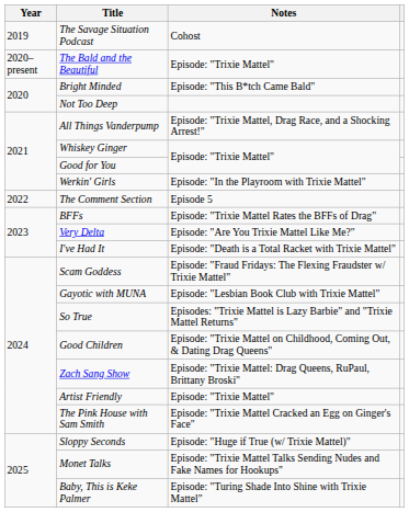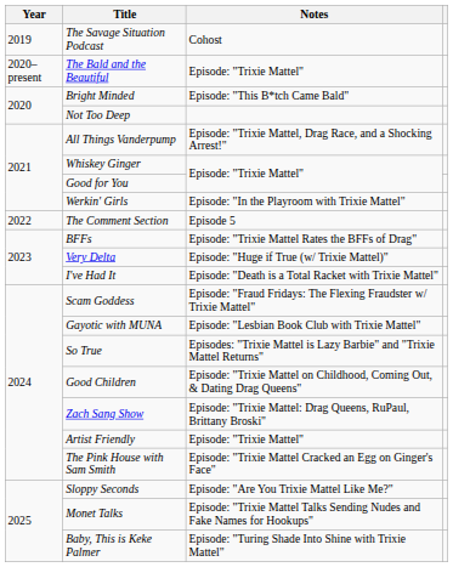 <table class="wikitable plainrowheaders" style="text-align:left;">
 <tr>
 <th>Year</th>
 <th>Title</th>
 <th>Notes</th>
 <th></th>
 </tr>
 <tr>
 <td>2019</td>
 <td><em>The Savage Situation Podcast</em></td>
 <td>Cohost</td>
 <td></td>
 </tr>
 <tr>
 <td>2020–present</td>
 <td><em><a href='#'>The Bald and the Beautiful</a></em></td>
 <td>Episode: "Trixie Mattel"</td>
 <td></td>
 </tr>
 <tr>
 <td rowspan="2">2020</td>
 <td><em>Bright Minded</em></td>
 <td>Episode: "This B*tch Came Bald"</td>
 <td></td>
 </tr>
 <tr>
 <td><em>Not Too Deep</em></td>
 <td></td>
 <td></td>
 </tr>
 <tr>
 <td rowspan="4">2021</td>
 <td><em>All Things Vanderpump</em></td>
 <td>Episode: "Trixie Mattel, Drag Race, and a Shocking Arrest!"</td>
 <td></td>
 </tr>
 <tr>
 <td><em>Whiskey Ginger</em></td>
 <td rowspan="2">Episode: "Trixie Mattel"</td>
 <td></td>
 </tr>
 <tr>
 <td><em>Good for You</em></td>
 <td></td>
 </tr>
 <tr>
 <td><em>Werkin' Girls</em></td>
 <td>Episode: "In the Playroom with Trixie Mattel"</td>
 <td></td>
 </tr>
 <tr>
 <td>2022</td>
 <td><em>The Comment Section</em></td>
 <td>Episode 5</td>
 <td></td>
 </tr>
 <tr>
 <td rowspan="3">2023</td>
 <td><em>BFFs</em></td>
 <td>Episode: "Trixie Mattel Rates the BFFs of Drag"</td>
 <td></td>
 </tr>
 <tr>
 <td><em><a href='#'>Very Delta</a></em></td>
-<td>Episode: "Are You Trixie Mattel Like Me?"</td>
+<td>Episode: "Huge if True (w/ Trixie Mattel)"</td>
 <td></td>
 </tr>
 <tr>
 <td><em>I've Had It</em></td>
 <td>Episode: "Death is a Total Racket with Trixie Mattel"</td>
 <td></td>
 </tr>
 <tr>
 <td rowspan="7">2024</td>
 <td><em>Scam Goddess</em></td>
 <td>Episode: "Fraud Fridays: The Flexing Fraudster w/ Trixie Mattel"</td>
 <td></td>
 </tr>
 <tr>
 <td><em>Gayotic with MUNA</em></td>
 <td>Episode: "Lesbian Book Club with Trixie Mattel"</td>
 <td></td>
 </tr>
 <tr>
 <td><em>So True</em></td>
 <td>Episodes: "Trixie Mattel is Lazy Barbie" and "Trixie Mattel Returns"</td>
 <td></td>
 </tr>
 <tr>
 <td><em>Good Children</em></td>
 <td>Episode: "Trixie Mattel on Childhood, Coming Out, & Dating Drag Queens"</td>
 <td></td>
 </tr>
 <tr>
 <td><a href='#'><em>Zach Sang Show</em></a></td>
 <td>Episode: "Trixie Mattel: Drag Queens, RuPaul, Brittany Broski"</td>
 <td></td>
 </tr>
 <tr>
 <td><em>Artist Friendly</em></td>
 <td>Episode: "Trixie Mattel"</td>
 <td></td>
 </tr>
 <tr>
 <td><em>The Pink House with Sam Smith</em></td>
 <td>Episode: "Trixie Mattel Cracked an Egg on Ginger's Face"</td>
 <td></td>
 </tr>
 <tr>
 <td rowspan="3">2025</td>
 <td><em>Sloppy Seconds</em></td>
-<td>Episode: "Huge if True (w/ Trixie Mattel)"</td>
+<td>Episode: "Are You Trixie Mattel Like Me?"</td>
 <td></td>
 </tr>
 <tr>
 <td><em>Monet Talks</em></td>
 <td>Episode: "Trixie Mattel Talks Sending Nudes and Fake Names for Hookups"</td>
 <td></td>
 </tr>
 <tr>
 <td><em>Baby, This is  Keke Palmer</em></td>
 <td>Episode: "Turing Shade Into Shine with Trixie Mattel"</td>
 <td></td>
 </tr>
 </table>
